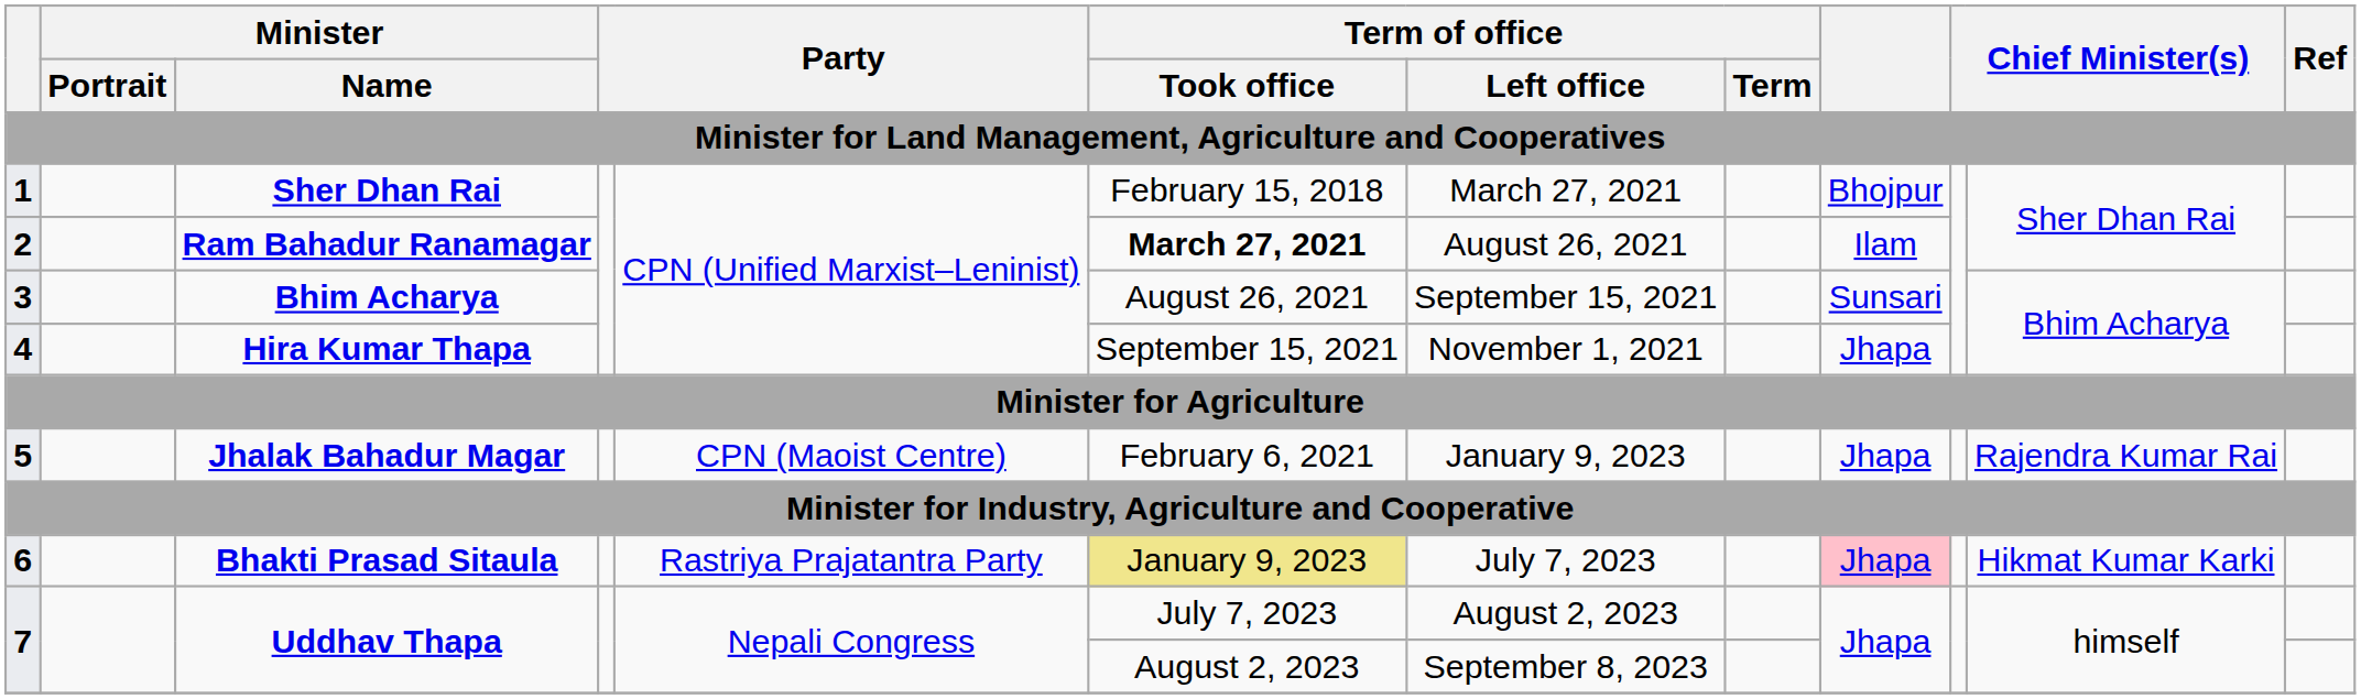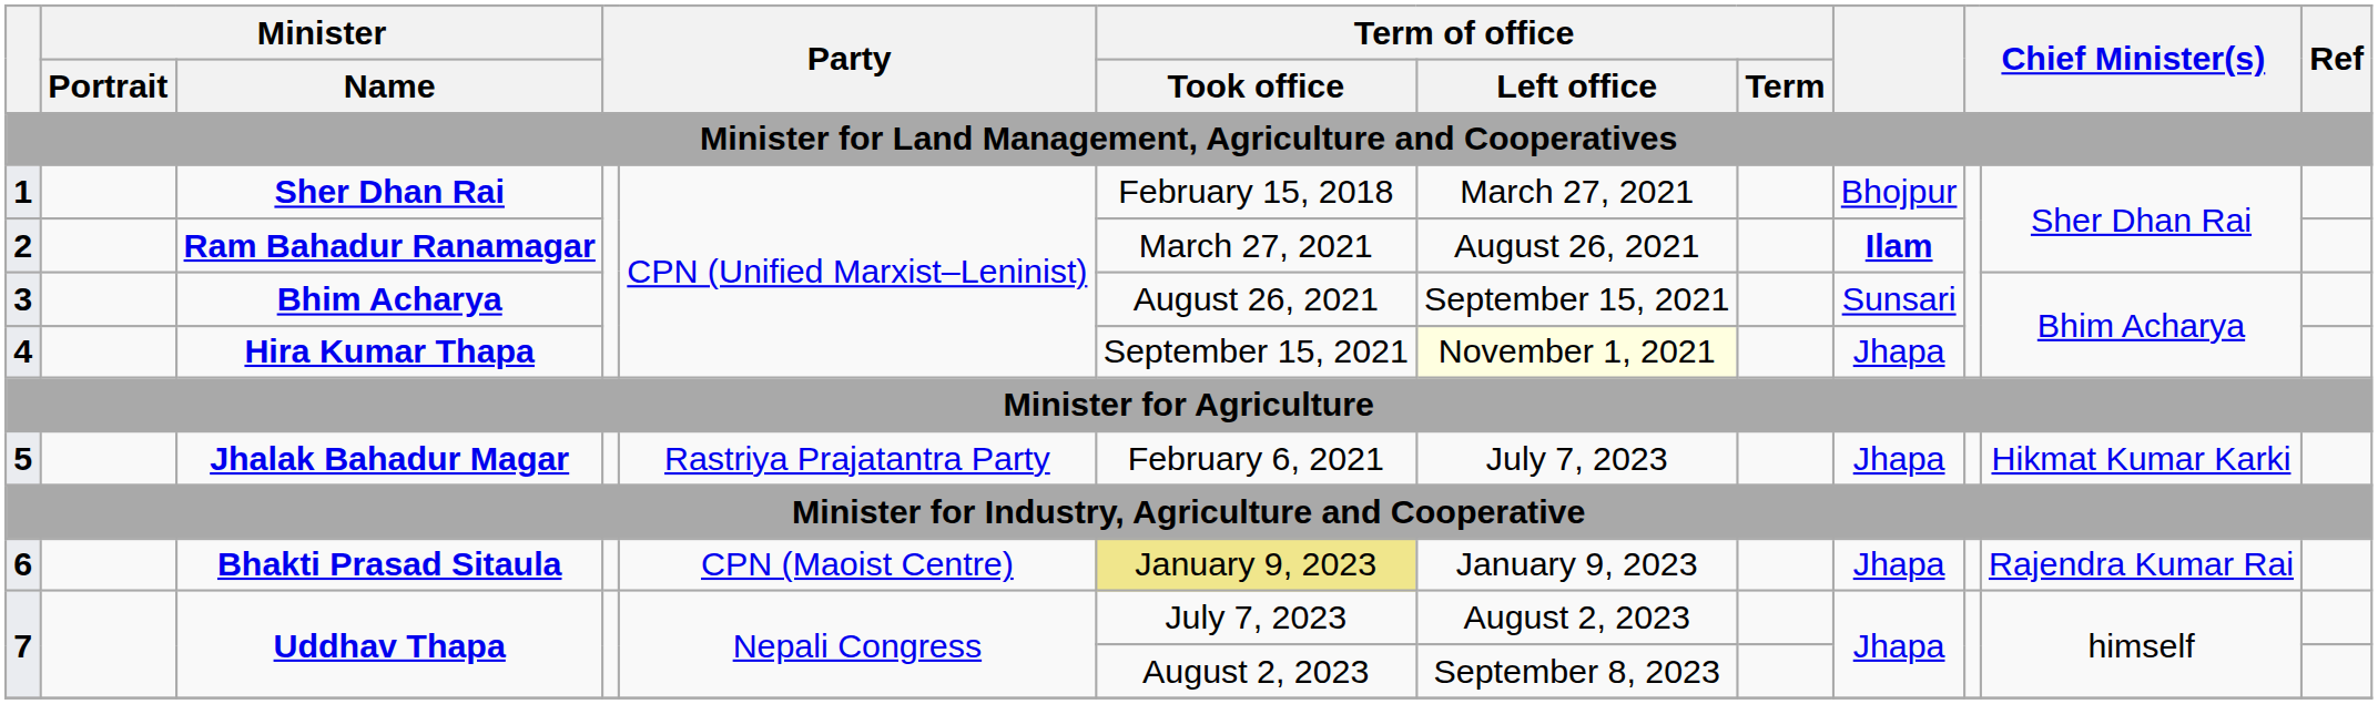 <table class="wikitable" style="font-size: 90%; text-align:center;">
 <tr>
 <th rowspan="2"></th>
 <th colspan="2">Minister</th>
 <th colspan="2" rowspan="2">Party</th>
 <th colspan="3">Term of office</th>
 <th rowspan="2"></th>
 <th colspan="2" rowspan="2"><a href='#'>Chief Minister(s)</a></th>
 <th rowspan="2">Ref</th>
 </tr>
 <tr>
 <th>Portrait</th>
 <th>Name</th>
 <th>Took office</th>
 <th>Left office</th>
 <th>Term</th>
 </tr>
 <tr>
 <td colspan="12" bgcolor="darkgrey"><strong>Minister for Land Management, Agriculture and Cooperatives</strong></td>
 </tr>
 <tr>
 <th style="background-color:#EAECF0;">1</th>
 <td></td>
 <td><strong><a href='#'>Sher Dhan Rai</a></strong></td>
 <td rowspan="4"></td>
 <td rowspan="4"><a href='#'>CPN (Unified Marxist–Leninist)</a></td>
 <td>February 15, 2018</td>
 <td>March 27, 2021</td>
 <td></td>
 <td><a href='#'>Bhojpur</a></td>
 <td rowspan="4"></td>
 <td rowspan="2"><a href='#'>Sher Dhan Rai</a></td>
 <td></td>
 </tr>
 <tr>
 <th style="background-color:#EAECF0;">2</th>
 <td></td>
 <td align="center" scope="row" style="font-weight:normal;"><strong><a href='#'>Ram Bahadur Ranamagar</a></strong></td>
-<td><strong>March 27, 2021</strong></td>
+<td>March 27, 2021</td>
 <td>August 26, 2021</td>
 <td></td>
-<td><a href='#'>Ilam</a></td>
+<td><strong><a href='#'>Ilam</a></strong></td>
 <td></td>
 </tr>
 <tr>
 <th style="background-color:#EAECF0;">3</th>
 <td></td>
 <td align="center" scope="row" style="font-weight:normal;"><strong><a href='#'>Bhim Acharya</a></strong></td>
 <td>August 26, 2021</td>
 <td>September 15, 2021</td>
 <td></td>
 <td><a href='#'>Sunsari</a></td>
 <td rowspan="2"><a href='#'>Bhim Acharya</a></td>
 <td></td>
 </tr>
 <tr>
 <th style="background-color:#EAECF0;">4</th>
 <td></td>
 <td align="center" scope="row" style="font-weight:normal;"><strong><a href='#'>Hira Kumar Thapa</a></strong></td>
 <td>September 15, 2021</td>
-<td>November 1, 2021</td>
+<td style="background: lightyellow;">November 1, 2021</td>
 <td></td>
 <td><a href='#'>Jhapa</a></td>
 <td></td>
 </tr>
 <tr>
 <td colspan="12" bgcolor="darkgrey"><strong>Minister for Agriculture</strong></td>
 </tr>
 <tr>
 <th style="background-color:#EAECF0;">5</th>
 <td></td>
 <td align="center" scope="row" style="font-weight:normal;"><strong><a href='#'>Jhalak Bahadur Magar</a></strong></td>
 <td></td>
-<td><a href='#'>CPN (Maoist Centre)</a></td>
+<td><a href='#'>Rastriya Prajatantra Party</a></td>
 <td>February 6, 2021</td>
-<td>January 9, 2023</td>
+<td>July 7, 2023</td>
 <td></td>
 <td><a href='#'>Jhapa</a></td>
 <td></td>
-<td><a href='#'>Rajendra Kumar Rai</a></td>
+<td><a href='#'>Hikmat Kumar Karki</a></td>
 <td></td>
 </tr>
 <tr>
 <td colspan="12" bgcolor="darkgrey"><strong>Minister for Industry, Agriculture and Cooperative</strong></td>
 </tr>
 <tr>
 <th style="background-color:#EAECF0;">6</th>
 <td></td>
 <td align="center" scope="row" style="font-weight:normal;"><strong><a href='#'>Bhakti Prasad Sitaula</a></strong></td>
 <td></td>
-<td><a href='#'>Rastriya Prajatantra Party</a></td>
+<td><a href='#'>CPN (Maoist Centre)</a></td>
 <td style="background: khaki;">January 9, 2023</td>
-<td>July 7, 2023</td>
+<td>January 9, 2023</td>
 <td></td>
-<td style="background: pink;"><a href='#'>Jhapa</a></td>
+<td><a href='#'>Jhapa</a></td>
 <td></td>
-<td><a href='#'>Hikmat Kumar Karki</a></td>
+<td><a href='#'>Rajendra Kumar Rai</a></td>
 <td></td>
 </tr>
 <tr>
 <th rowspan="2"  style="background-color:#EAECF0;">7</th>
 <td rowspan="2"></td>
 <td rowspan="2"><strong><a href='#'>Uddhav Thapa</a></strong></td>
 <td rowspan="2"></td>
 <td rowspan="2"><a href='#'>Nepali Congress</a></td>
 <td>July 7, 2023</td>
 <td>August 2, 2023</td>
 <td></td>
 <td rowspan="2"><a href='#'>Jhapa</a></td>
 <td rowspan="2"></td>
 <td rowspan="2">himself</td>
 <td></td>
 </tr>
 <tr>
 <td>August 2, 2023</td>
 <td>September 8, 2023</td>
 <td></td>
 <td></td>
 </tr>
 <tr>
 </tr>
 </table>
